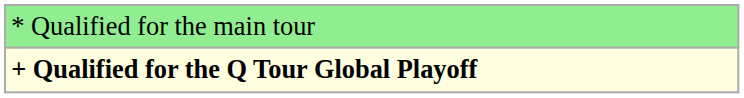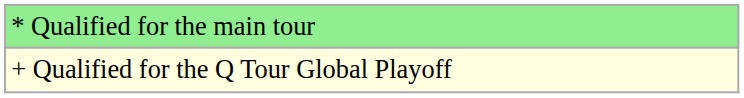 <table class="wikitable" style="font-size:85%; width:30%;">
 <tr style="background:lightgreen;">
 <td>* Qualified for the main tour</td>
 </tr>
 <tr style="background:lightyellow;">
-<td><strong>+ Qualified for the Q Tour Global Playoff</strong></td>
+<td>+ Qualified for the Q Tour Global Playoff</td>
 </tr>
 </table>
